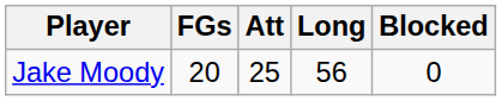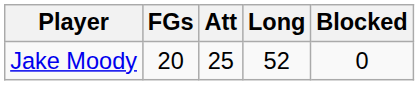 <table class="wikitable sortable sortable" style="text-align: center">
 <tr align=center>
 <th>Player</th>
 <th>FGs</th>
 <th>Att</th>
 <th>Long</th>
 <th>Blocked</th>
 </tr>
 <tr>
 <td><a href='#'>Jake Moody</a></td>
 <td>20</td>
 <td>25</td>
-<td>56</td>
+<td>52</td>
 <td>0</td>
 </tr>
 </table>
